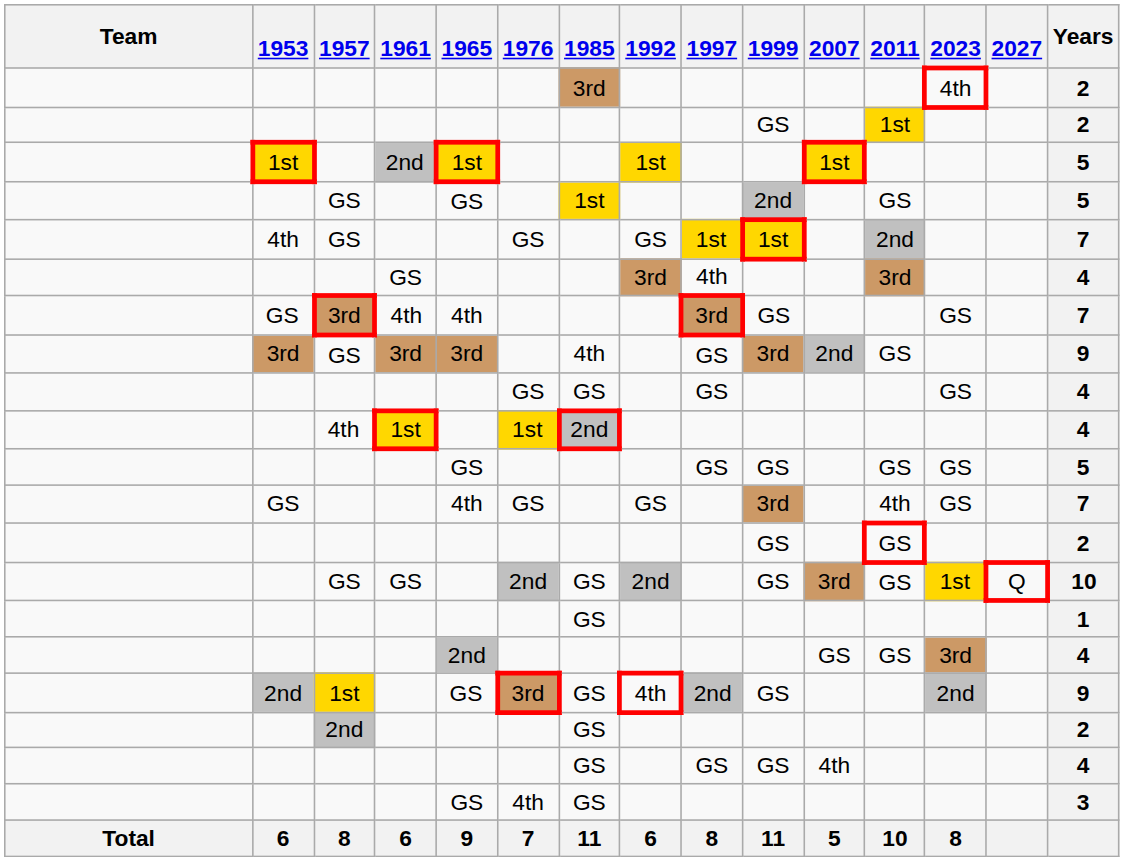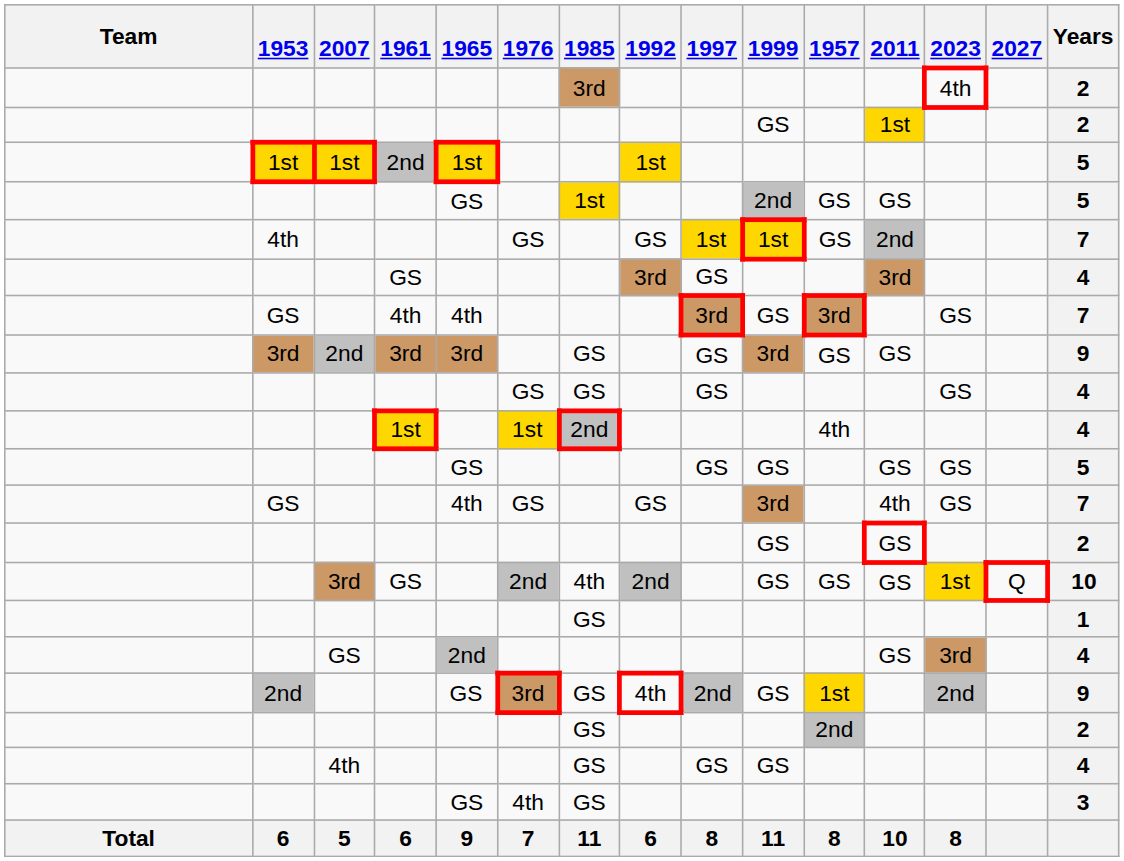 <table class="wikitable" style="text-align:center; font-size:90%">
 <tr>
 <th width=150>Team</th>
 <th><br><a href='#'>1953</a></th>
-<th><br><a href='#'>1957</a></th>
+<th><br><a href='#'>2007</a></th>
 <th><br><a href='#'>1961</a></th>
 <th><br><a href='#'>1965</a></th>
 <th><br><a href='#'>1976</a></th>
 <th><br><a href='#'>1985</a></th>
 <th><br><a href='#'>1992</a></th>
 <th><br><a href='#'>1997</a></th>
 <th><br><a href='#'>1999</a></th>
-<th><br><a href='#'>2007</a></th>
+<th><br><a href='#'>1957</a></th>
 <th><br><a href='#'>2011</a></th>
 <th><br><a href='#'>2023</a></th>
 <th><br><a href='#'>2027</a></th>
 <th>Years</th>
 </tr>
 <tr>
 <td align=left></td>
 <td></td>
 <td></td>
 <td></td>
 <td></td>
 <td></td>
 <td bgcolor=cc9966>3rd</td>
 <td></td>
 <td></td>
 <td></td>
 <td></td>
 <td></td>
 <td style="border: 3px solid red">4th</td>
 <td></td>
 <th>2</th>
 </tr>
 <tr>
 <td align=left></td>
 <td></td>
 <td></td>
 <td></td>
 <td></td>
 <td></td>
 <td></td>
 <td></td>
 <td></td>
 <td>GS</td>
 <td></td>
 <td bgcolor=Gold>1st</td>
 <td></td>
 <td></td>
 <th>2</th>
 </tr>
 <tr>
 <td align=left></td>
 <td style="border: 3px solid red" bgcolor=Gold>1st</td>
-<td></td>
+<td style="border: 3px solid red" bgcolor=Gold>1st</td>
 <td bgcolor=Silver>2nd</td>
 <td style="border: 3px solid red" bgcolor=Gold>1st</td>
 <td></td>
 <td></td>
 <td bgcolor=Gold>1st</td>
 <td></td>
 <td></td>
-<td style="border: 3px solid red" bgcolor=Gold>1st</td>
+<td></td>
 <td></td>
 <td></td>
 <td></td>
 <th>5</th>
 </tr>
 <tr>
 <td align=left></td>
 <td></td>
-<td>GS</td>
+<td></td>
 <td></td>
 <td>GS</td>
 <td></td>
 <td bgcolor=Gold>1st</td>
 <td></td>
 <td></td>
 <td bgcolor=Silver>2nd</td>
-<td></td>
+<td>GS</td>
 <td>GS</td>
 <td></td>
 <td></td>
 <th>5</th>
 </tr>
 <tr>
 <td align=left></td>
 <td>4th</td>
-<td>GS</td>
+<td></td>
 <td></td>
 <td></td>
 <td>GS</td>
 <td></td>
 <td>GS</td>
 <td bgcolor=Gold>1st</td>
 <td style="border: 3px solid red" bgcolor=Gold>1st</td>
-<td></td>
+<td>GS</td>
 <td bgcolor=Silver>2nd</td>
 <td></td>
 <td></td>
 <th>7</th>
 </tr>
 <tr>
 <td align=left></td>
 <td></td>
 <td></td>
 <td>GS</td>
 <td></td>
 <td></td>
 <td></td>
 <td bgcolor=cc9966>3rd</td>
-<td>4th</td>
+<td>GS</td>
 <td></td>
 <td></td>
 <td bgcolor=cc9966>3rd</td>
 <td></td>
 <td></td>
 <th>4</th>
 </tr>
 <tr>
 <td align=left></td>
 <td>GS</td>
-<td style="border: 3px solid red" bgcolor=cc9966>3rd</td>
+<td></td>
 <td>4th</td>
 <td>4th</td>
 <td></td>
 <td></td>
 <td></td>
 <td style="border: 3px solid red" bgcolor=cc9966>3rd</td>
 <td>GS</td>
-<td></td>
+<td style="border: 3px solid red" bgcolor=cc9966>3rd</td>
 <td></td>
 <td>GS</td>
 <td></td>
 <th>7</th>
 </tr>
 <tr>
 <td align=left></td>
 <td bgcolor=cc9966>3rd</td>
-<td>GS</td>
+<td bgcolor=Silver>2nd</td>
 <td bgcolor=cc9966>3rd</td>
 <td bgcolor=cc9966>3rd</td>
 <td></td>
-<td>4th</td>
+<td>GS</td>
 <td></td>
 <td>GS</td>
 <td bgcolor=cc9966>3rd</td>
-<td bgcolor=Silver>2nd</td>
+<td>GS</td>
 <td>GS</td>
 <td></td>
 <td></td>
 <th>9</th>
 </tr>
 <tr>
 <td align=left></td>
 <td></td>
 <td></td>
 <td></td>
 <td></td>
 <td>GS</td>
 <td>GS</td>
 <td></td>
 <td>GS</td>
 <td></td>
 <td></td>
 <td></td>
 <td>GS</td>
 <td></td>
 <th>4</th>
 </tr>
 <tr>
 <td align=left></td>
 <td></td>
-<td>4th</td>
+<td></td>
 <td style="border: 3px solid red" bgcolor=Gold>1st</td>
 <td></td>
 <td bgcolor=Gold>1st</td>
 <td style="border: 3px solid red" bgcolor=Silver>2nd</td>
 <td></td>
 <td></td>
 <td></td>
-<td></td>
+<td>4th</td>
 <td></td>
 <td></td>
 <td></td>
 <th>4</th>
 </tr>
 <tr>
 <td align=left></td>
 <td></td>
 <td></td>
 <td></td>
 <td>GS</td>
 <td></td>
 <td></td>
 <td></td>
 <td>GS</td>
 <td>GS</td>
 <td></td>
 <td>GS</td>
 <td>GS</td>
 <td></td>
 <th>5</th>
 </tr>
 <tr>
 <td align=left></td>
 <td>GS</td>
 <td></td>
 <td></td>
 <td>4th</td>
 <td>GS</td>
 <td></td>
 <td>GS</td>
 <td></td>
 <td bgcolor=cc9966>3rd</td>
 <td></td>
 <td>4th</td>
 <td>GS</td>
 <td></td>
 <th>7</th>
 </tr>
 <tr>
 <td align=left></td>
 <td></td>
 <td></td>
 <td></td>
 <td></td>
 <td></td>
 <td></td>
 <td></td>
 <td></td>
 <td>GS</td>
 <td></td>
 <td style="border: 3px solid red">GS</td>
 <td></td>
 <td></td>
 <th>2</th>
 </tr>
 <tr>
 <td align=left></td>
 <td></td>
-<td>GS</td>
+<td bgcolor=cc9966>3rd</td>
 <td>GS</td>
 <td></td>
 <td bgcolor=Silver>2nd</td>
-<td>GS</td>
+<td>4th</td>
 <td bgcolor=Silver>2nd</td>
 <td></td>
 <td>GS</td>
-<td bgcolor=cc9966>3rd</td>
+<td>GS</td>
 <td>GS</td>
 <td bgcolor=Gold>1st</td>
 <td style="border: 3px solid red">Q</td>
 <th>10</th>
 </tr>
 <tr>
 <td align=left></td>
 <td></td>
 <td></td>
 <td></td>
 <td></td>
 <td></td>
 <td>GS</td>
 <td></td>
 <td></td>
 <td></td>
 <td></td>
 <td></td>
 <td></td>
 <td></td>
 <th>1</th>
 </tr>
 <tr>
 <td align=left></td>
 <td></td>
-<td></td>
+<td>GS</td>
 <td></td>
 <td bgcolor=Silver>2nd</td>
 <td></td>
 <td></td>
 <td></td>
 <td></td>
 <td></td>
-<td>GS</td>
+<td></td>
 <td>GS</td>
 <td bgcolor=cc9966>3rd</td>
 <td></td>
 <th>4</th>
 </tr>
 <tr>
 <td align=left></td>
 <td bgcolor=Silver>2nd</td>
-<td bgcolor=Gold>1st</td>
+<td></td>
 <td></td>
 <td>GS</td>
 <td style="border: 3px solid red" bgcolor=cc9966>3rd</td>
 <td>GS</td>
 <td style="border: 3px solid red">4th</td>
 <td bgcolor=Silver>2nd</td>
 <td>GS</td>
-<td></td>
+<td bgcolor=Gold>1st</td>
 <td></td>
 <td bgcolor=Silver>2nd</td>
 <td></td>
 <th>9</th>
-</tr>
-<tr>
-<td align=left></td>
-<td></td>
-<td bgcolor=Silver>2nd</td>
-<td></td>
-<td></td>
-<td></td>
-<td>GS</td>
-<td></td>
-<td></td>
-<td></td>
-<td></td>
-<td></td>
-<td></td>
-<td></td>
-<th>2</th>
 </tr>
 <tr>
 <td align=left></td>
 <td></td>
 <td></td>
 <td></td>
 <td></td>
 <td></td>
 <td>GS</td>
 <td></td>
+<td></td>
+<td></td>
+<td bgcolor=Silver>2nd</td>
+<td></td>
+<td></td>
+<td></td>
+<th>2</th>
+</tr>
+<tr>
+<td align=left></td>
+<td></td>
+<td>4th</td>
+<td></td>
+<td></td>
+<td></td>
+<td>GS</td>
+<td></td>
 <td>GS</td>
 <td>GS</td>
-<td>4th</td>
+<td></td>
 <td></td>
 <td></td>
 <td></td>
 <th>4</th>
 </tr>
 <tr>
 <td align=left></td>
 <td></td>
 <td></td>
 <td></td>
 <td>GS</td>
 <td>4th</td>
 <td>GS</td>
 <td></td>
 <td></td>
 <td></td>
 <td></td>
 <td></td>
 <td></td>
 <td></td>
 <th>3</th>
 </tr>
 <tr>
 <th>Total</th>
 <th>6</th>
-<th>8</th>
+<th>5</th>
 <th>6</th>
 <th>9</th>
 <th>7</th>
 <th>11</th>
 <th>6</th>
 <th>8</th>
 <th>11</th>
-<th>5</th>
+<th>8</th>
 <th>10</th>
 <th>8</th>
 <th></th>
 <th></th>
 </tr>
 </table>
